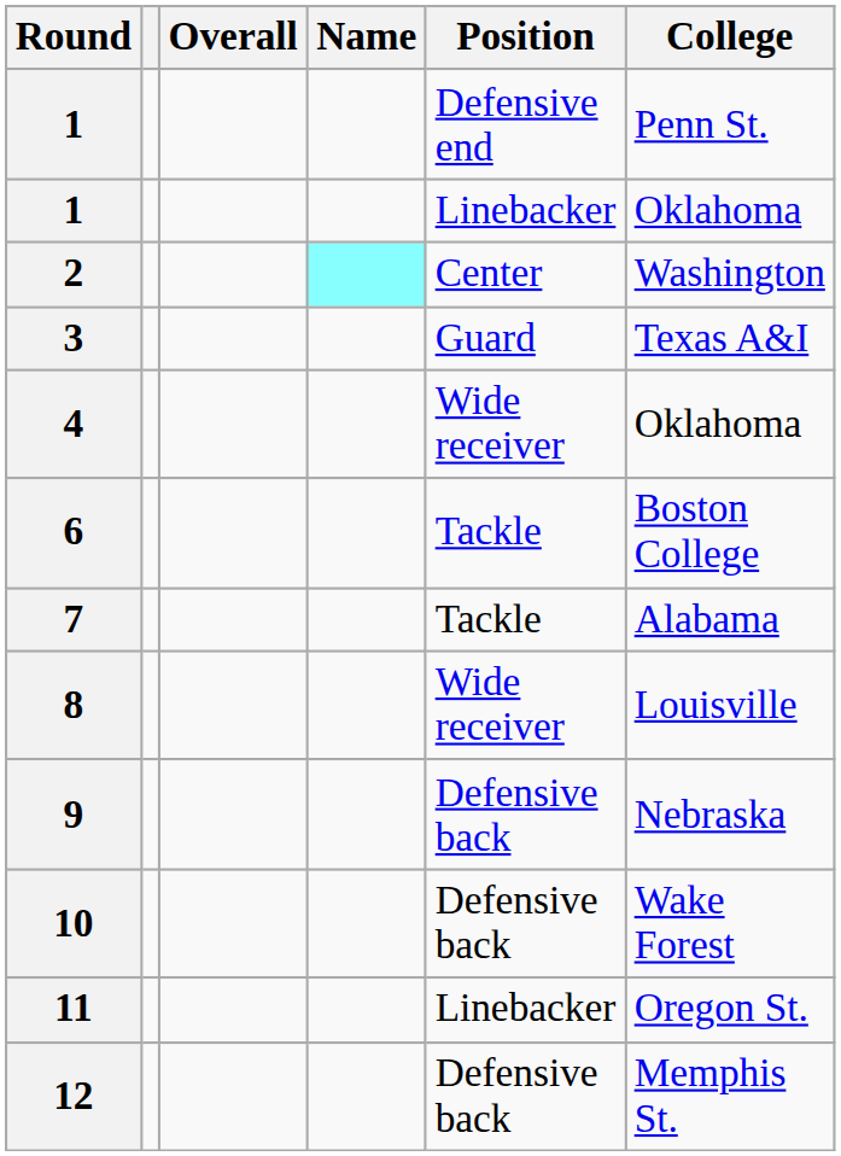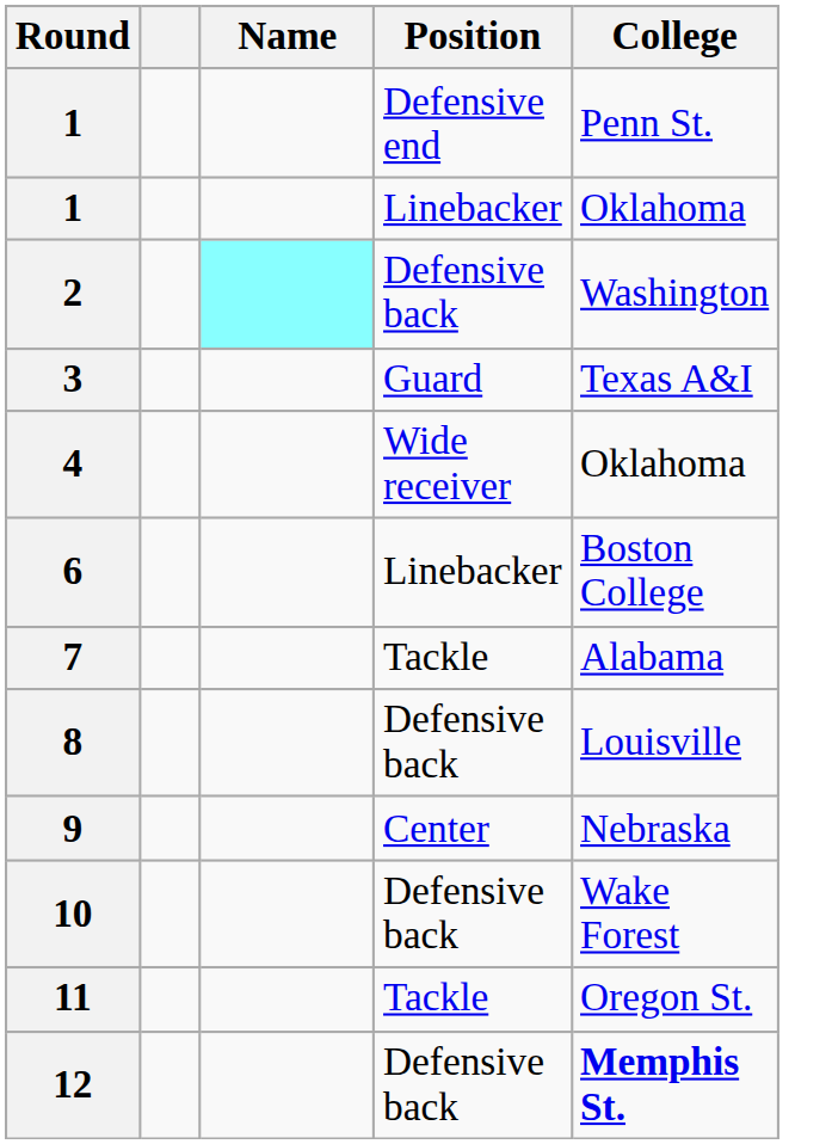 <table class="wikitable sortable" style="width: 50%;">
 <tr>
 <th scope="col" style="width: 10%;">Round</th>
 <th scope="col" style="width: 10%;"></th>
-<th scope="col" style="width: 10%;">Overall</th>
 <th scope="col" style="width: 25%;">Name</th>
 <th scope="col" style="width: 20%;">Position</th>
 <th scope="col" style="width: 25%;">College</th>
 </tr>
 <tr>
 <th scope="row">1</th>
-<td></td>
 <td></td>
 <td></td>
 <td><a href='#'>Defensive end</a></td>
 <td><a href='#'>Penn St.</a></td>
 </tr>
 <tr>
 <th scope="row">1</th>
 <td></td>
 <td></td>
-<td></td>
 <td><a href='#'>Linebacker</a></td>
 <td><a href='#'>Oklahoma</a></td>
 </tr>
 <tr>
 <th scope="row">2</th>
 <td></td>
-<td></td>
 <td style="background:#88FFFF;"> <sup></sup></td>
-<td><a href='#'>Center</a></td>
+<td><a href='#'>Defensive back</a></td>
 <td><a href='#'>Washington</a></td>
 </tr>
 <tr>
 <th scope="row">3</th>
-<td></td>
 <td></td>
 <td></td>
 <td><a href='#'>Guard</a></td>
 <td><a href='#'>Texas A&I</a></td>
 </tr>
 <tr>
 <th scope="row">4</th>
 <td></td>
 <td></td>
-<td></td>
 <td><a href='#'>Wide receiver</a></td>
 <td>Oklahoma</td>
 </tr>
 <tr>
 <th scope="row">6</th>
 <td></td>
 <td></td>
-<td></td>
-<td><a href='#'>Tackle</a></td>
+<td>Linebacker</td>
 <td><a href='#'>Boston College</a></td>
 </tr>
 <tr>
 <th scope="row">7</th>
-<td></td>
 <td></td>
 <td></td>
 <td>Tackle</td>
 <td><a href='#'>Alabama</a></td>
 </tr>
 <tr>
 <th scope="row">8</th>
 <td></td>
 <td></td>
-<td></td>
-<td><a href='#'>Wide receiver</a></td>
+<td>Defensive back</td>
 <td><a href='#'>Louisville</a></td>
 </tr>
 <tr>
 <th scope="row">9</th>
 <td></td>
 <td></td>
-<td></td>
-<td><a href='#'>Defensive back</a></td>
+<td><a href='#'>Center</a></td>
 <td><a href='#'>Nebraska</a></td>
 </tr>
 <tr>
 <th scope="row">10</th>
-<td></td>
 <td></td>
 <td></td>
 <td>Defensive back</td>
 <td><a href='#'>Wake Forest</a></td>
 </tr>
 <tr>
 <th scope="row">11</th>
 <td></td>
 <td></td>
-<td></td>
-<td>Linebacker</td>
+<td><a href='#'>Tackle</a></td>
 <td><a href='#'>Oregon St.</a></td>
 </tr>
 <tr>
 <th scope="row">12</th>
 <td></td>
 <td></td>
-<td></td>
 <td>Defensive back</td>
-<td><a href='#'>Memphis St.</a></td>
+<td><strong><a href='#'>Memphis St.</a></strong></td>
 </tr>
 </table>
